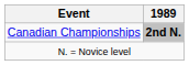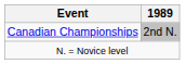 <table class="wikitable" style="text-align:center">
 <tr>
 <th>Event</th>
 <th>1989</th>
 </tr>
 <tr>
 <td align=left><a href='#'>Canadian Championships</a></td>
-<td bgcolor=silver><strong>2nd N.</strong></td>
+<td bgcolor=silver>2nd N.</td>
 </tr>
 <tr>
 <td colspan=2 align=center><small> N. = Novice level </small></td>
 </tr>
 </table>
